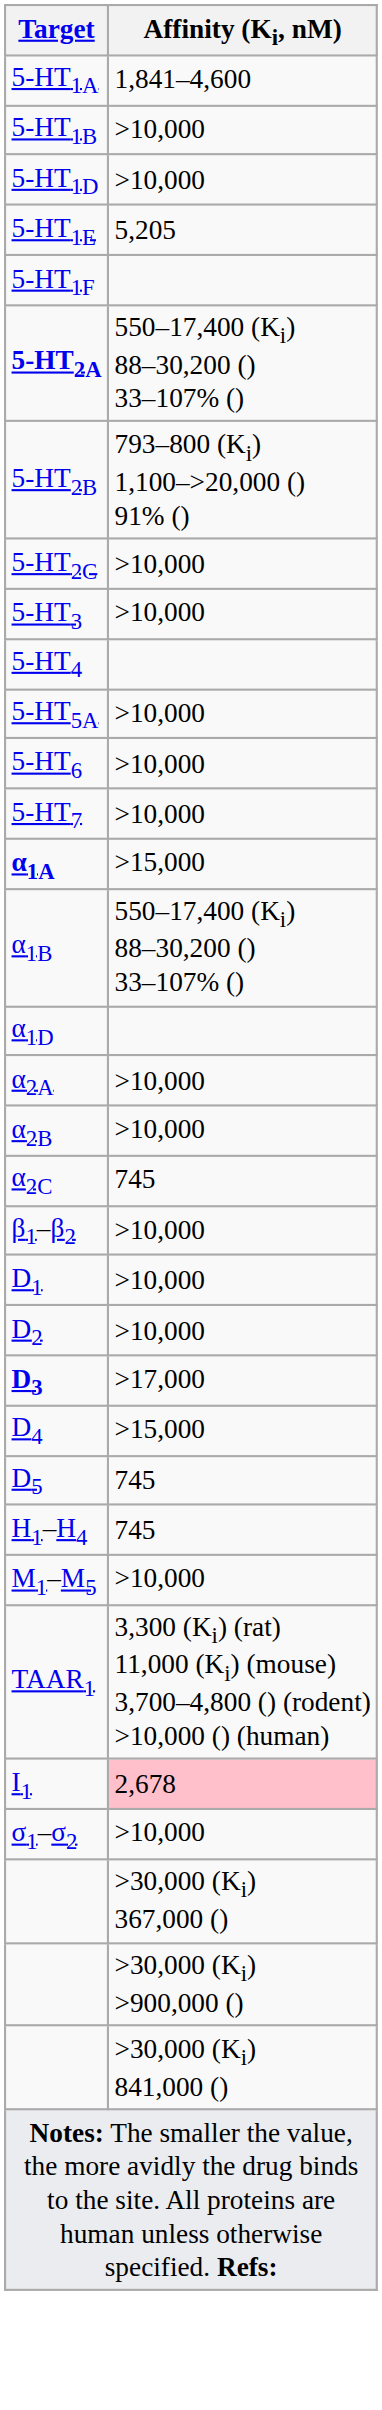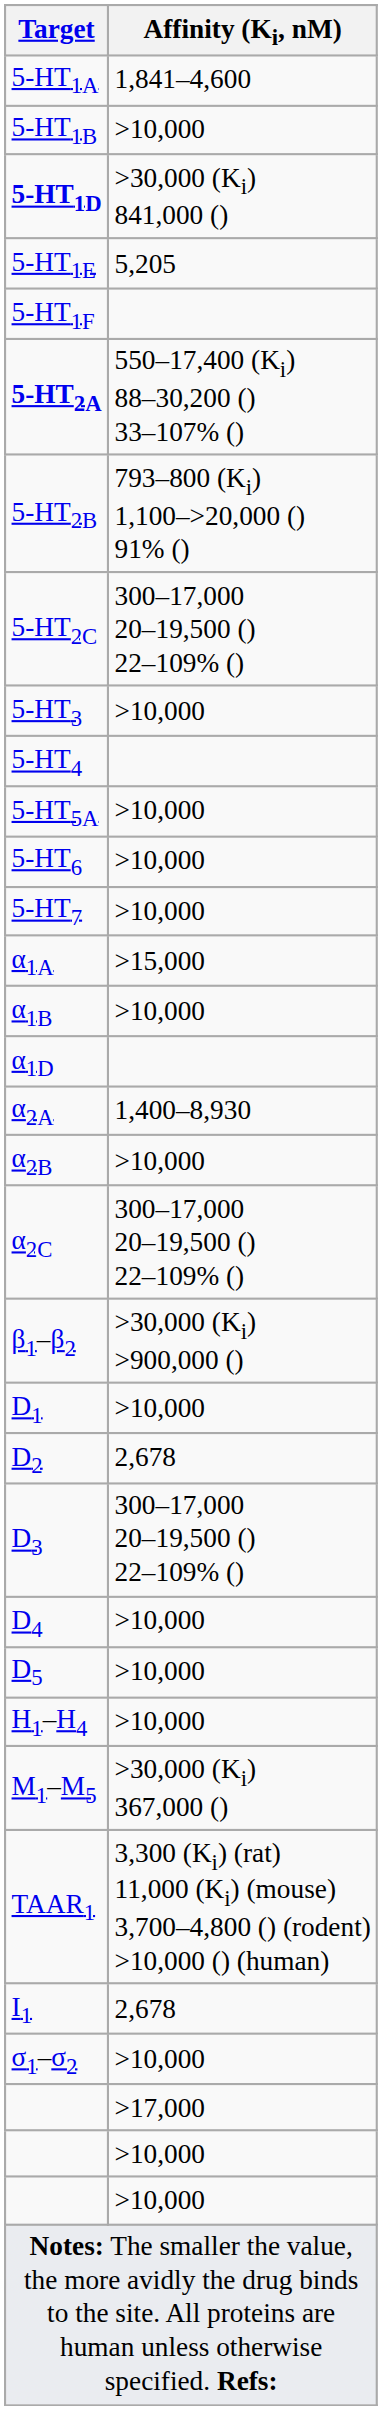 <table class="wikitable floatright" style="font-size:small;">
 <tr>
 <th><a href='#'>Target</a></th>
 <th>Affinity (K<sub>i</sub>, nM)</th>
 </tr>
 <tr>
 <td><a href='#'>5-HT<sub>1A</sub></a></td>
 <td>1,841–4,600</td>
 </tr>
 <tr>
 <td><a href='#'>5-HT<sub>1B</sub></a></td>
 <td>>10,000</td>
 </tr>
 <tr>
-<td><a href='#'>5-HT<sub>1D</sub></a></td>
-<td>>10,000</td>
+<td><strong><a href='#'>5-HT<sub>1D</sub></a></strong></td>
+<td>>30,000 (K<sub>i</sub>)<br>841,000 ()</td>
 </tr>
 <tr>
 <td><a href='#'>5-HT<sub>1E</sub></a></td>
 <td>5,205</td>
 </tr>
 <tr>
 <td><a href='#'>5-HT<sub>1F</sub></a></td>
 <td></td>
 </tr>
 <tr>
 <td><strong><a href='#'>5-HT<sub>2A</sub></a></strong></td>
 <td>550–17,400 (K<sub>i</sub>)<br>88–30,200 ()<br>33–107% ()</td>
 </tr>
 <tr>
 <td><a href='#'>5-HT<sub>2B</sub></a></td>
 <td>793–800 (K<sub>i</sub>)<br>1,100–>20,000 ()<br>91% ()</td>
 </tr>
 <tr>
 <td><a href='#'>5-HT<sub>2C</sub></a></td>
-<td>>10,000</td>
+<td>300–17,000<br>20–19,500 ()<br>22–109% ()</td>
 </tr>
 <tr>
 <td><a href='#'>5-HT<sub>3</sub></a></td>
 <td>>10,000</td>
 </tr>
 <tr>
 <td><a href='#'>5-HT<sub>4</sub></a></td>
 <td></td>
 </tr>
 <tr>
 <td><a href='#'>5-HT<sub>5A</sub></a></td>
 <td>>10,000</td>
 </tr>
 <tr>
 <td><a href='#'>5-HT<sub>6</sub></a></td>
 <td>>10,000</td>
 </tr>
 <tr>
 <td><a href='#'>5-HT<sub>7</sub></a></td>
 <td>>10,000</td>
 </tr>
 <tr>
-<td><strong><a href='#'>α<sub>1A</sub></a></strong></td>
+<td><a href='#'>α<sub>1A</sub></a></td>
 <td>>15,000</td>
 </tr>
 <tr>
 <td><a href='#'>α<sub>1B</sub></a></td>
-<td>550–17,400 (K<sub>i</sub>)<br>88–30,200 ()<br>33–107% ()</td>
+<td>>10,000</td>
 </tr>
 <tr>
 <td><a href='#'>α<sub>1D</sub></a></td>
 <td></td>
 </tr>
 <tr>
 <td><a href='#'>α<sub>2A</sub></a></td>
-<td>>10,000</td>
+<td>1,400–8,930</td>
 </tr>
 <tr>
 <td><a href='#'>α<sub>2B</sub></a></td>
 <td>>10,000</td>
 </tr>
 <tr>
 <td><a href='#'>α<sub>2C</sub></a></td>
-<td>745</td>
+<td>300–17,000<br>20–19,500 ()<br>22–109% ()</td>
 </tr>
 <tr>
 <td><a href='#'>β<sub>1</sub></a>–<a href='#'>β<sub>2</sub></a></td>
-<td>>10,000</td>
+<td>>30,000 (K<sub>i</sub>)<br>>900,000 ()</td>
 </tr>
 <tr>
 <td><a href='#'>D<sub>1</sub></a></td>
 <td>>10,000</td>
 </tr>
 <tr>
 <td><a href='#'>D<sub>2</sub></a></td>
+<td>2,678</td>
+</tr>
+<tr>
+<td><a href='#'>D<sub>3</sub></a></td>
+<td>300–17,000<br>20–19,500 ()<br>22–109% ()</td>
+</tr>
+<tr>
+<td><a href='#'>D<sub>4</sub></a></td>
 <td>>10,000</td>
 </tr>
 <tr>
-<td><strong><a href='#'>D<sub>3</sub></a></strong></td>
-<td>>17,000</td>
-</tr>
-<tr>
-<td><a href='#'>D<sub>4</sub></a></td>
-<td>>15,000</td>
-</tr>
-<tr>
 <td><a href='#'>D<sub>5</sub></a></td>
-<td>745</td>
+<td>>10,000</td>
 </tr>
 <tr>
 <td><a href='#'>H<sub>1</sub></a>–<a href='#'>H<sub>4</sub></a></td>
-<td>745</td>
+<td>>10,000</td>
 </tr>
 <tr>
 <td><a href='#'>M<sub>1</sub></a>–<a href='#'>M<sub>5</sub></a></td>
-<td>>10,000</td>
+<td>>30,000 (K<sub>i</sub>)<br>367,000 ()</td>
 </tr>
 <tr>
 <td><a href='#'>TAAR<sub>1</sub></a></td>
 <td>3,300 (K<sub>i</sub>) (rat)<br>11,000 (K<sub>i</sub>) (mouse)<br>3,700–4,800 () (rodent)<br>>10,000 () (human)</td>
 </tr>
 <tr>
 <td><a href='#'>I<sub>1</sub></a></td>
-<td style="background: pink;">2,678</td>
+<td>2,678</td>
 </tr>
 <tr>
 <td><a href='#'>σ<sub>1</sub></a>–<a href='#'>σ<sub>2</sub></a></td>
 <td>>10,000</td>
 </tr>
 <tr>
 <td></td>
-<td>>30,000 (K<sub>i</sub>)<br>367,000 ()</td>
+<td>>17,000</td>
 </tr>
 <tr>
 <td></td>
-<td>>30,000 (K<sub>i</sub>)<br>>900,000 ()</td>
+<td>>10,000</td>
 </tr>
 <tr>
 <td></td>
-<td>>30,000 (K<sub>i</sub>)<br>841,000 ()</td>
+<td>>10,000</td>
 </tr>
 <tr class="sortbottom">
 <td colspan="2" style="width: 1px; background-color:#eaecf0; text-align: center;"><strong>Notes:</strong> The smaller the value, the more avidly the drug binds to the site. All proteins are human unless otherwise specified. <strong>Refs:</strong> <br></td>
 </tr>
 </table>
